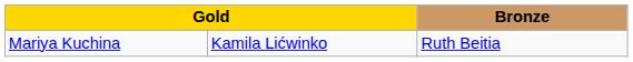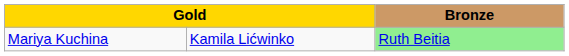 <table class="wikitable" style="text-align:left">
 <tr align="center">
 <td colspan=2 width=400 bgcolor=gold><strong>Gold</strong></td>
 <td width=200 bgcolor=CC9966><strong>Bronze</strong></td>
 </tr>
 <tr>
 <td><a href='#'>Mariya Kuchina</a><br><em></em></td>
 <td><a href='#'>Kamila Lićwinko</a><br><em></em></td>
-<td><a href='#'>Ruth Beitia</a><br><em></em></td>
+<td style="background: lightgreen;"><a href='#'>Ruth Beitia</a><br><em></em></td>
 </tr>
 </table>
